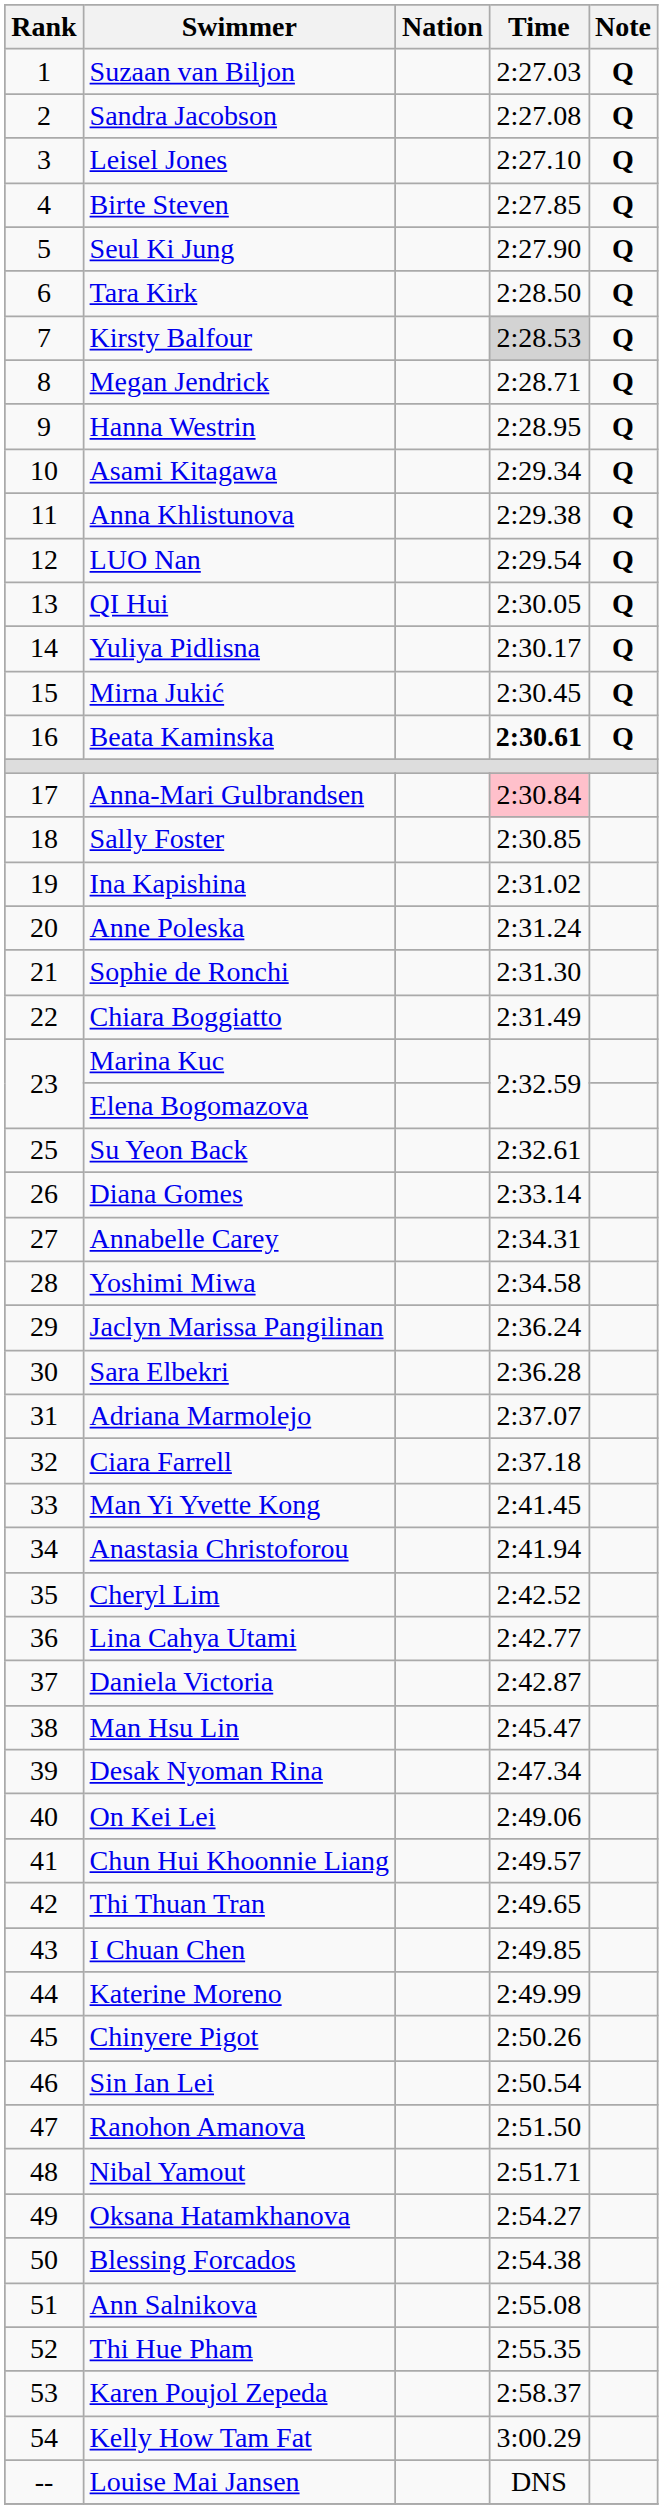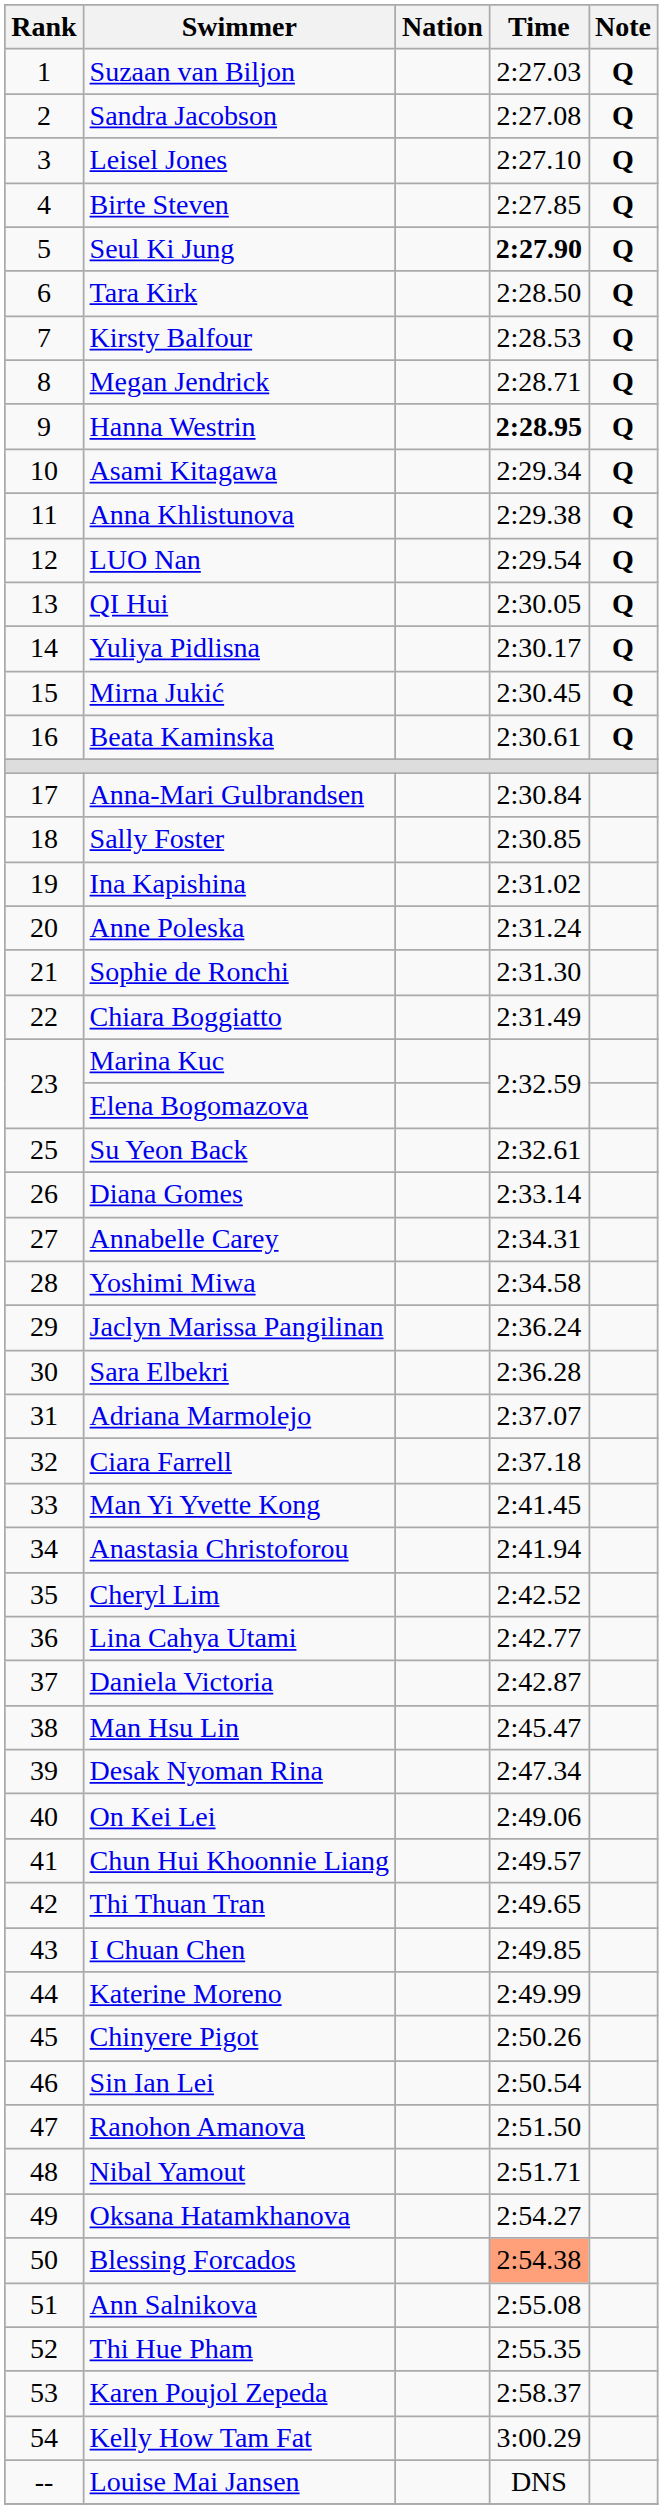 <table class="wikitable" style="text-align:center">
 <tr>
 <th>Rank</th>
 <th>Swimmer</th>
 <th>Nation</th>
 <th>Time</th>
 <th>Note</th>
 </tr>
 <tr>
 <td>1</td>
 <td align=left><a href='#'>Suzaan van Biljon</a></td>
 <td align=left></td>
 <td>2:27.03</td>
 <td><strong>Q</strong></td>
 </tr>
 <tr>
 <td>2</td>
 <td align=left><a href='#'>Sandra Jacobson</a></td>
 <td align=left></td>
 <td>2:27.08</td>
 <td><strong>Q</strong></td>
 </tr>
 <tr>
 <td>3</td>
 <td align=left><a href='#'>Leisel Jones</a></td>
 <td align=left></td>
 <td>2:27.10</td>
 <td><strong>Q</strong></td>
 </tr>
 <tr>
 <td>4</td>
 <td align=left><a href='#'>Birte Steven</a></td>
 <td align=left></td>
 <td>2:27.85</td>
 <td><strong>Q</strong></td>
 </tr>
 <tr>
 <td>5</td>
 <td align=left><a href='#'>Seul Ki Jung</a></td>
 <td align=left></td>
-<td>2:27.90</td>
+<td><strong>2:27.90</strong></td>
 <td><strong>Q</strong></td>
 </tr>
 <tr>
 <td>6</td>
 <td align=left><a href='#'>Tara Kirk</a></td>
 <td align=left></td>
 <td>2:28.50</td>
 <td><strong>Q</strong></td>
 </tr>
 <tr>
 <td>7</td>
 <td align=left><a href='#'>Kirsty Balfour</a></td>
 <td align=left></td>
-<td style="background: lightgrey;">2:28.53</td>
+<td>2:28.53</td>
 <td><strong>Q</strong></td>
 </tr>
 <tr>
 <td>8</td>
 <td align=left><a href='#'>Megan Jendrick</a></td>
 <td align=left></td>
 <td>2:28.71</td>
 <td><strong>Q</strong></td>
 </tr>
 <tr>
 <td>9</td>
 <td align=left><a href='#'>Hanna Westrin</a></td>
 <td align=left></td>
-<td>2:28.95</td>
+<td><strong>2:28.95</strong></td>
 <td><strong>Q</strong></td>
 </tr>
 <tr>
 <td>10</td>
 <td align=left><a href='#'>Asami Kitagawa</a></td>
 <td align=left></td>
 <td>2:29.34</td>
 <td><strong>Q</strong></td>
 </tr>
 <tr>
 <td>11</td>
 <td align=left><a href='#'>Anna Khlistunova</a></td>
 <td align=left></td>
 <td>2:29.38</td>
 <td><strong>Q</strong></td>
 </tr>
 <tr>
 <td>12</td>
 <td align=left><a href='#'>LUO Nan</a></td>
 <td align=left></td>
 <td>2:29.54</td>
 <td><strong>Q</strong></td>
 </tr>
 <tr>
 <td>13</td>
 <td align=left><a href='#'>QI Hui</a></td>
 <td align=left></td>
 <td>2:30.05</td>
 <td><strong>Q</strong></td>
 </tr>
 <tr>
 <td>14</td>
 <td align=left><a href='#'>Yuliya Pidlisna</a></td>
 <td align=left></td>
 <td>2:30.17</td>
 <td><strong>Q</strong></td>
 </tr>
 <tr>
 <td>15</td>
 <td align=left><a href='#'>Mirna Jukić</a></td>
 <td align=left></td>
 <td>2:30.45</td>
 <td><strong>Q</strong></td>
 </tr>
 <tr>
 <td>16</td>
 <td align=left><a href='#'>Beata Kaminska</a></td>
 <td align=left></td>
-<td><strong>2:30.61</strong></td>
+<td>2:30.61</td>
 <td><strong>Q</strong></td>
 </tr>
 <tr bgcolor=#DDDDDD>
 <td colspan=5></td>
 </tr>
 <tr>
 <td>17</td>
 <td align=left><a href='#'>Anna-Mari Gulbrandsen</a></td>
 <td align=left></td>
-<td style="background: pink;">2:30.84</td>
+<td>2:30.84</td>
 <td></td>
 </tr>
 <tr>
 <td>18</td>
 <td align=left><a href='#'>Sally Foster</a></td>
 <td align=left></td>
 <td>2:30.85</td>
 <td></td>
 </tr>
 <tr>
 <td>19</td>
 <td align=left><a href='#'>Ina Kapishina</a></td>
 <td align=left></td>
 <td>2:31.02</td>
 <td></td>
 </tr>
 <tr>
 <td>20</td>
 <td align=left><a href='#'>Anne Poleska</a></td>
 <td align=left></td>
 <td>2:31.24</td>
 <td></td>
 </tr>
 <tr>
 <td>21</td>
 <td align=left><a href='#'>Sophie de Ronchi</a></td>
 <td align=left></td>
 <td>2:31.30</td>
 <td></td>
 </tr>
 <tr>
 <td>22</td>
 <td align=left><a href='#'>Chiara Boggiatto</a></td>
 <td align=left></td>
 <td>2:31.49</td>
 <td></td>
 </tr>
 <tr>
 <td rowspan=2>23</td>
 <td align=left><a href='#'>Marina Kuc</a></td>
 <td align=left></td>
 <td rowspan=2>2:32.59</td>
 <td></td>
 </tr>
 <tr>
 <td align=left><a href='#'>Elena Bogomazova</a></td>
 <td align=left></td>
 <td></td>
 </tr>
 <tr>
 <td>25</td>
 <td align=left><a href='#'>Su Yeon Back</a></td>
 <td align=left></td>
 <td>2:32.61</td>
 <td></td>
 </tr>
 <tr>
 <td>26</td>
 <td align=left><a href='#'>Diana Gomes</a></td>
 <td align=left></td>
 <td>2:33.14</td>
 <td></td>
 </tr>
 <tr>
 <td>27</td>
 <td align=left><a href='#'>Annabelle Carey</a></td>
 <td align=left></td>
 <td>2:34.31</td>
 <td></td>
 </tr>
 <tr>
 <td>28</td>
 <td align=left><a href='#'>Yoshimi Miwa</a></td>
 <td align=left></td>
 <td>2:34.58</td>
 <td></td>
 </tr>
 <tr>
 <td>29</td>
 <td align=left><a href='#'>Jaclyn Marissa Pangilinan</a></td>
 <td align=left></td>
 <td>2:36.24</td>
 <td></td>
 </tr>
 <tr>
 <td>30</td>
 <td align=left><a href='#'>Sara Elbekri</a></td>
 <td align=left></td>
 <td>2:36.28</td>
 <td></td>
 </tr>
 <tr>
 <td>31</td>
 <td align=left><a href='#'>Adriana Marmolejo</a></td>
 <td align=left></td>
 <td>2:37.07</td>
 <td></td>
 </tr>
 <tr>
 <td>32</td>
 <td align=left><a href='#'>Ciara Farrell</a></td>
 <td align=left></td>
 <td>2:37.18</td>
 <td></td>
 </tr>
 <tr>
 <td>33</td>
 <td align=left><a href='#'>Man Yi Yvette Kong</a></td>
 <td align=left></td>
 <td>2:41.45</td>
 <td></td>
 </tr>
 <tr>
 <td>34</td>
 <td align=left><a href='#'>Anastasia Christoforou</a></td>
 <td align=left></td>
 <td>2:41.94</td>
 <td></td>
 </tr>
 <tr>
 <td>35</td>
 <td align=left><a href='#'>Cheryl Lim</a></td>
 <td align=left></td>
 <td>2:42.52</td>
 <td></td>
 </tr>
 <tr>
 <td>36</td>
 <td align=left><a href='#'>Lina Cahya Utami</a></td>
 <td align=left></td>
 <td>2:42.77</td>
 <td></td>
 </tr>
 <tr>
 <td>37</td>
 <td align=left><a href='#'>Daniela Victoria</a></td>
 <td align=left></td>
 <td>2:42.87</td>
 <td></td>
 </tr>
 <tr>
 <td>38</td>
 <td align=left><a href='#'>Man Hsu Lin</a></td>
 <td align=left></td>
 <td>2:45.47</td>
 <td></td>
 </tr>
 <tr>
 <td>39</td>
 <td align=left><a href='#'>Desak Nyoman Rina</a></td>
 <td align=left></td>
 <td>2:47.34</td>
 <td></td>
 </tr>
 <tr>
 <td>40</td>
 <td align=left><a href='#'>On Kei Lei</a></td>
 <td align=left></td>
 <td>2:49.06</td>
 <td></td>
 </tr>
 <tr>
 <td>41</td>
 <td align=left><a href='#'>Chun Hui Khoonnie Liang</a></td>
 <td align=left></td>
 <td>2:49.57</td>
 <td></td>
 </tr>
 <tr>
 <td>42</td>
 <td align=left><a href='#'>Thi Thuan Tran</a></td>
 <td align=left></td>
 <td>2:49.65</td>
 <td></td>
 </tr>
 <tr>
 <td>43</td>
 <td align=left><a href='#'>I Chuan Chen</a></td>
 <td align=left></td>
 <td>2:49.85</td>
 <td></td>
 </tr>
 <tr>
 <td>44</td>
 <td align=left><a href='#'>Katerine Moreno</a></td>
 <td align=left></td>
 <td>2:49.99</td>
 <td></td>
 </tr>
 <tr>
 <td>45</td>
 <td align=left><a href='#'>Chinyere Pigot</a></td>
 <td align=left></td>
 <td>2:50.26</td>
 <td></td>
 </tr>
 <tr>
 <td>46</td>
 <td align=left><a href='#'>Sin Ian Lei</a></td>
 <td align=left></td>
 <td>2:50.54</td>
 <td></td>
 </tr>
 <tr>
 <td>47</td>
 <td align=left><a href='#'>Ranohon Amanova</a></td>
 <td align=left></td>
 <td>2:51.50</td>
 <td></td>
 </tr>
 <tr>
 <td>48</td>
 <td align=left><a href='#'>Nibal Yamout</a></td>
 <td align=left></td>
 <td>2:51.71</td>
 <td></td>
 </tr>
 <tr>
 <td>49</td>
 <td align=left><a href='#'>Oksana Hatamkhanova</a></td>
 <td align=left></td>
 <td>2:54.27</td>
 <td></td>
 </tr>
 <tr>
 <td>50</td>
 <td align=left><a href='#'>Blessing Forcados</a></td>
 <td align=left></td>
-<td>2:54.38</td>
+<td style="background: lightsalmon;">2:54.38</td>
 <td></td>
 </tr>
 <tr>
 <td>51</td>
 <td align=left><a href='#'>Ann Salnikova</a></td>
 <td align=left></td>
 <td>2:55.08</td>
 <td></td>
 </tr>
 <tr>
 <td>52</td>
 <td align=left><a href='#'>Thi Hue Pham</a></td>
 <td align=left></td>
 <td>2:55.35</td>
 <td></td>
 </tr>
 <tr>
 <td>53</td>
 <td align=left><a href='#'>Karen Poujol Zepeda</a></td>
 <td align=left></td>
 <td>2:58.37</td>
 <td></td>
 </tr>
 <tr>
 <td>54</td>
 <td align=left><a href='#'>Kelly How Tam Fat</a></td>
 <td align=left></td>
 <td>3:00.29</td>
 <td></td>
 </tr>
 <tr>
 <td>--</td>
 <td align=left><a href='#'>Louise Mai Jansen</a></td>
 <td align=left></td>
 <td>DNS</td>
 <td></td>
 </tr>
 <tr>
 </tr>
 </table>
